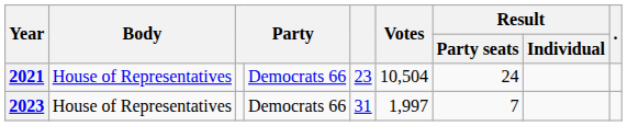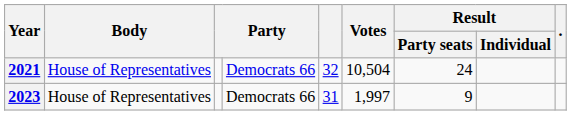 <table class="wikitable plainrowheaders sortable" border=2 cellpadding=4 cellspacing=0 style="border: 1px #aaa solid; font-size: 90%; text-align:center;">
 <tr>
 <th scope="col" rowspan=2>Year</th>
 <th scope="col" rowspan=2>Body</th>
 <th scope="col" colspan=2 rowspan=2>Party</th>
 <th scope="col" rowspan=2></th>
 <th scope="col" rowspan=2>Votes</th>
 <th scope="colgroup" colspan=2>Result</th>
 <th scope="col" rowspan=2 class="unsortable">.</th>
 </tr>
 <tr>
 <th scope="col">Party seats</th>
 <th scope="col">Individual</th>
 </tr>
 <tr>
 <th scope="row"><a href='#'>2021</a></th>
 <td><a href='#'>House of Representatives</a></td>
 <td style="background-color:"></td>
 <td><a href='#'>Democrats 66</a></td>
-<td style=text-align:right><a href='#'>23</a></td>
+<td style=text-align:right><a href='#'>32</a></td>
 <td style=text-align:right>10,504</td>
 <td style=text-align:right>24</td>
 <td></td>
 <td></td>
 </tr>
 <tr>
 <th scope="row"><a href='#'>2023</a></th>
 <td>House of Representatives</td>
 <td style="background-color:"></td>
 <td>Democrats 66</td>
 <td style=text-align:right><a href='#'>31</a></td>
 <td style=text-align:right>1,997</td>
-<td style=text-align:right>7</td>
+<td style=text-align:right>9</td>
 <td></td>
 <td></td>
 </tr>
 </table>
